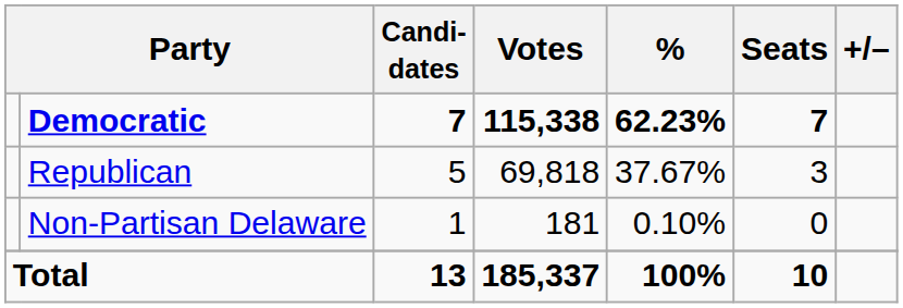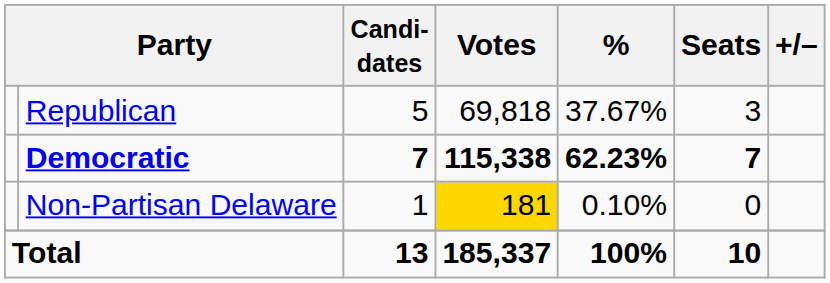 <table class="wikitable" style="font-size:100%; text-align:right;">
 <tr>
 <th colspan=2>Party</th>
 <th><small>Candi-<br>dates</small></th>
 <th>Votes</th>
 <th>%</th>
 <th>Seats</th>
 <th>+/–</th>
+</tr>
+<tr>
+<td style="background:"></td>
+<td align=left><a href='#'>Republican</a></td>
+<td>5</td>
+<td>69,818</td>
+<td>37.67%</td>
+<td>3</td>
+<td></td>
 </tr>
 <tr>
 <td style="background:"></td>
 <td align=left><strong><a href='#'>Democratic</a></strong></td>
 <td><strong>7</strong></td>
 <td><strong>115,338</strong></td>
 <td><strong>62.23%</strong></td>
 <td><strong>7</strong></td>
 <td></td>
 </tr>
 <tr>
 <td style="background:"></td>
-<td align=left><a href='#'>Republican</a></td>
-<td>5</td>
-<td>69,818</td>
-<td>37.67%</td>
-<td>3</td>
-<td></td>
-</tr>
-<tr>
-<td style="background:"></td>
 <td align=left><a href='#'>Non-Partisan Delaware</a></td>
 <td>1</td>
-<td>181</td>
+<td style="background: gold;">181</td>
 <td>0.10%</td>
 <td>0</td>
 <td></td>
 </tr>
 <tr>
 </tr>
 <tr style="font-weight:bold">
 <td colspan=2 align=left>Total</td>
 <td>13</td>
 <td>185,337</td>
 <td>100%</td>
 <td>10</td>
 <td></td>
 </tr>
 </table>
